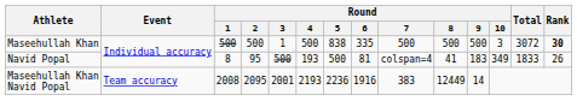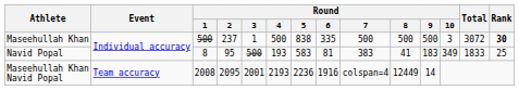 <table class=wikitable style=font-size:90%;text-align:center>
 <tr>
 <th rowspan="2">Athlete</th>
 <th rowspan="2">Event</th>
 <th colspan=10>Round</th>
 <th rowspan=2>Total</th>
 <th rowspan=2>Rank</th>
 </tr>
 <tr style="font-size:95%">
 <th>1</th>
 <th>2</th>
 <th>3</th>
 <th>4</th>
 <th>5</th>
 <th>6</th>
 <th>7</th>
 <th>8</th>
 <th>9</th>
 <th>10</th>
 </tr>
 <tr>
 <td align=left>Maseehullah Khan</td>
 <td align=left rowspan=2><a href='#'>Individual accuracy</a></td>
 <td><s>500</s></td>
-<td>500</td>
+<td>237</td>
 <td>1</td>
 <td>500</td>
 <td>838</td>
 <td>335</td>
 <td>500</td>
 <td>500</td>
 <td>500</td>
 <td>3</td>
 <td>3072</td>
 <td><strong>30</strong></td>
 </tr>
 <tr>
 <td align=left>Navid Popal</td>
 <td>8</td>
 <td>95</td>
 <td><s>500</s></td>
 <td>193</td>
-<td>500</td>
+<td>583</td>
 <td>81</td>
-<td>colspan=4 </td>
+<td>383</td>
 <td>41</td>
 <td>183</td>
 <td>349</td>
 <td>1833</td>
-<td>26</td>
+<td>25</td>
 </tr>
 <tr>
 <td align=left>Maseehullah Khan<br>Navid Popal</td>
 <td align=left><a href='#'>Team accuracy</a></td>
 <td>2008</td>
 <td>2095</td>
 <td>2001</td>
 <td>2193</td>
 <td>2236</td>
 <td>1916</td>
-<td>383</td>
+<td>colspan=4 </td>
 <td>12449</td>
 <td>14</td>
 </tr>
 </table>
